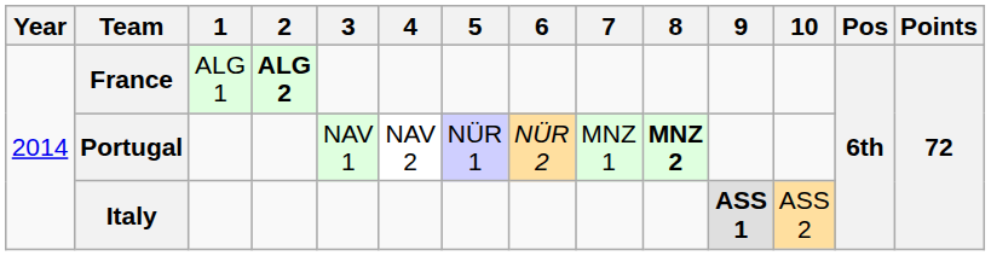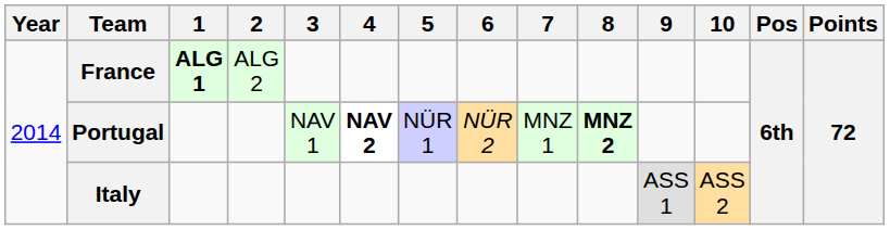 <table class="wikitable" style="text-align:center; font-size:85%">
 <tr>
 <th>Year</th>
 <th>Team</th>
 <th>1</th>
 <th>2</th>
 <th>3</th>
 <th>4</th>
 <th>5</th>
 <th>6</th>
 <th>7</th>
 <th>8</th>
 <th>9</th>
 <th>10</th>
 <th>Pos</th>
 <th>Points</th>
 </tr>
 <tr>
 <td rowspan=3><a href='#'>2014</a></td>
 <th>France</th>
-<td style="background:#DFFFDF;">ALG<br>1<br></td>
-<td style="background:#DFFFDF;"><strong>ALG<br>2<br></strong></td>
+<td style="background:#DFFFDF;"><strong>ALG<br>1<br></strong></td>
+<td style="background:#DFFFDF;">ALG<br>2<br></td>
 <td></td>
 <td></td>
 <td></td>
 <td></td>
 <td></td>
 <td></td>
 <td></td>
 <td></td>
 <th rowspan=3>6th</th>
 <th rowspan=3>72</th>
 </tr>
 <tr>
 <th>Portugal</th>
 <td></td>
 <td></td>
 <td style="background:#DFFFDF;">NAV<br>1<br></td>
-<td style="background:#FFFFFF;">NAV<br>2<br></td>
+<td style="background:#FFFFFF;"><strong>NAV<br>2<br></strong></td>
 <td style="background:#CFCFFF;">NÜR<br>1<br></td>
 <td style="background:#FFDF9F;"><em>NÜR<br>2</em><br></td>
 <td style="background:#DFFFDF;">MNZ<br>1<br></td>
 <td style="background:#DFFFDF;"><strong>MNZ<br>2</strong><br></td>
 <td></td>
 <td></td>
 </tr>
 <tr>
 <th>Italy</th>
 <td></td>
 <td></td>
 <td></td>
 <td></td>
 <td></td>
 <td></td>
 <td></td>
 <td></td>
-<td style="background:#DFDFDF;"><strong>ASS<br>1<br></strong></td>
+<td style="background:#DFDFDF;">ASS<br>1<br></td>
 <td style="background:#FFDF9F;">ASS<br>2<br></td>
 </tr>
 </table>
